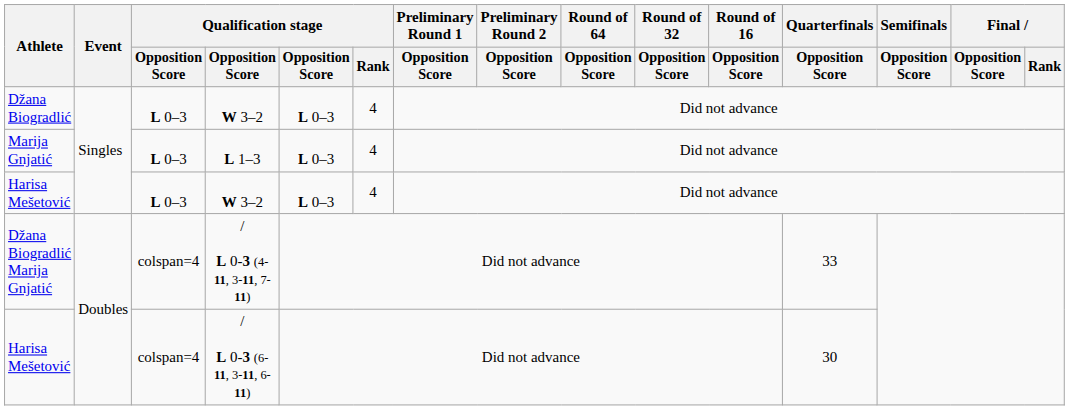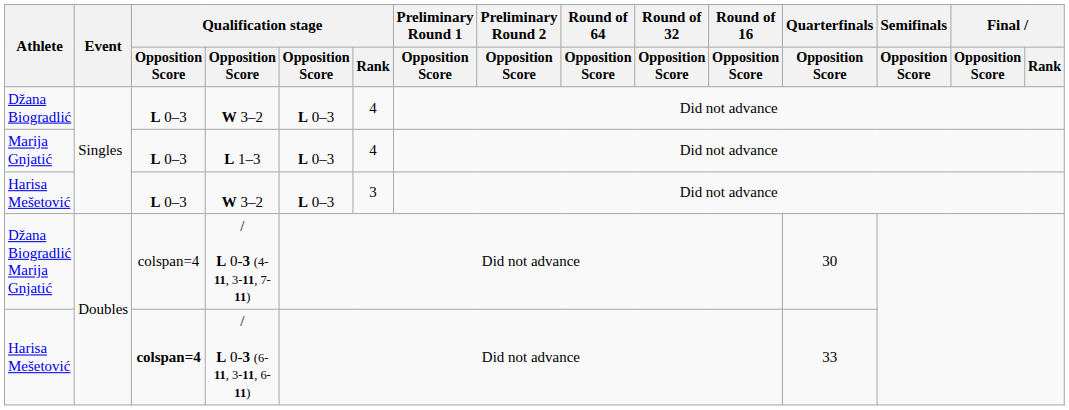 <table class=wikitable style=font-size:90%;text-align:center>
 <tr>
 <th rowspan=2>Athlete</th>
 <th rowspan=2>Event</th>
 <th colspan=4>Qualification stage</th>
 <th>Preliminary Round 1</th>
 <th>Preliminary Round 2</th>
 <th>Round of 64</th>
 <th>Round of 32</th>
 <th>Round of 16</th>
 <th>Quarterfinals</th>
 <th>Semifinals</th>
 <th colspan=2>Final / </th>
 </tr>
 <tr style=font-size:95%>
 <th>Opposition<br>Score</th>
 <th>Opposition<br>Score</th>
 <th>Opposition<br>Score</th>
 <th>Rank</th>
 <th>Opposition<br>Score</th>
 <th>Opposition<br>Score</th>
 <th>Opposition<br>Score</th>
 <th>Opposition<br>Score</th>
 <th>Opposition<br>Score</th>
 <th>Opposition<br>Score</th>
 <th>Opposition<br>Score</th>
 <th>Opposition<br>Score</th>
 <th>Rank</th>
 </tr>
 <tr>
 <td align=left><a href='#'>Džana Biogradlić</a></td>
 <td align=left rowspan=3>Singles</td>
 <td><br><strong>L</strong> 0–3</td>
 <td><br><strong>W</strong> 3–2</td>
 <td><br><strong>L</strong> 0–3</td>
 <td>4</td>
 <td colspan=9>Did not advance</td>
 </tr>
 <tr>
 <td align=left><a href='#'>Marija Gnjatić</a></td>
 <td><br><strong>L</strong> 0–3</td>
 <td><br><strong>L</strong> 1–3</td>
 <td><br><strong>L</strong> 0–3</td>
 <td>4</td>
 <td colspan=9>Did not advance</td>
 </tr>
 <tr>
 <td align=left><a href='#'>Harisa Mešetović</a></td>
 <td><br><strong>L</strong> 0–3</td>
 <td><br><strong>W</strong> 3–2</td>
 <td><br><strong>L</strong> 0–3</td>
-<td>4</td>
+<td>3</td>
 <td colspan=9>Did not advance</td>
 </tr>
 <tr>
 <td align=left><a href='#'>Džana Biogradlić</a><br><a href='#'>Marija Gnjatić</a></td>
 <td rowspan=2>Doubles</td>
 <td>colspan=4</td>
 <td> /<br> <br><strong>L</strong> 0-<strong>3</strong> <small>(4-<strong>11</strong>, 3-<strong>11</strong>, 7-<strong>11</strong>)</small></td>
 <td colspan=7>Did not advance</td>
-<td>33</td>
+<td>30</td>
 </tr>
 <tr>
 <td align=left><a href='#'>Harisa Mešetović</a><br></td>
-<td>colspan=4</td>
+<td><strong>colspan=4</strong></td>
 <td> /<br> <br><strong>L</strong> 0-<strong>3</strong> <small>(6-<strong>11</strong>, 3-<strong>11</strong>, 6-<strong>11</strong>)</small></td>
 <td colspan=7>Did not advance</td>
-<td>30</td>
+<td>33</td>
 </tr>
 </table>
